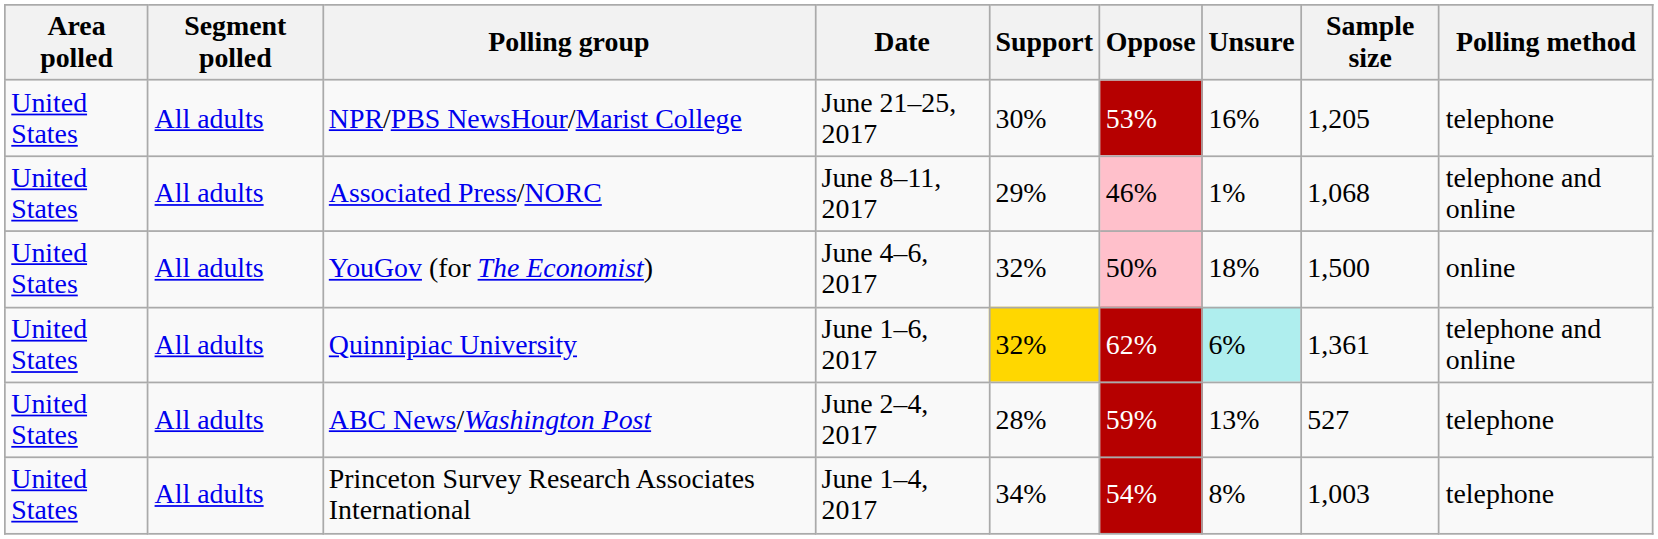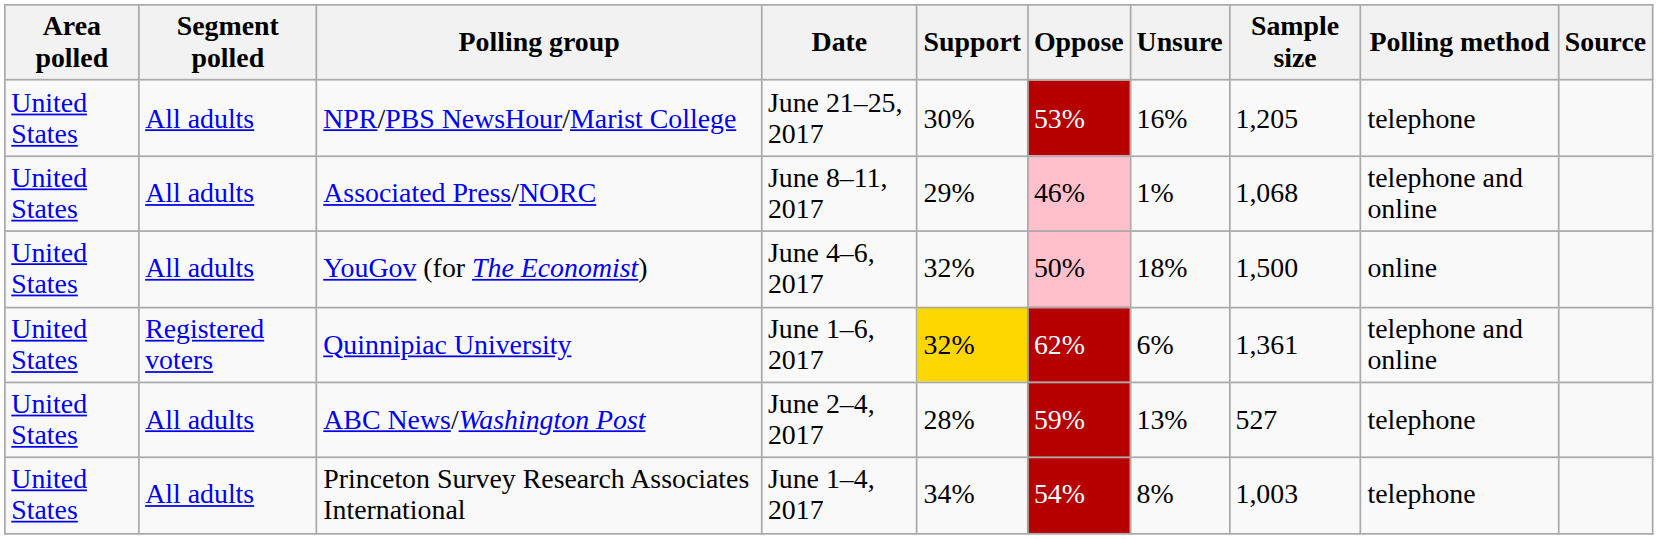 <table class="wikitable sortable" style="width: 75%;">
 <tr>
 <th>Area polled</th>
 <th>Segment polled</th>
 <th>Polling group</th>
 <th>Date</th>
 <th>Support</th>
 <th>Oppose</th>
 <th>Unsure</th>
 <th>Sample size</th>
 <th>Polling method</th>
+<th>Source</th>
 </tr>
 <tr>
 <td> <a href='#'>United States</a></td>
 <td><a href='#'>All adults</a></td>
 <td><a href='#'>NPR</a>/<a href='#'>PBS NewsHour</a>/<a href='#'>Marist College</a></td>
 <td>June 21–25, 2017</td>
 <td>30%</td>
 <td style="background:#B60000; color: white">53%</td>
 <td>16%</td>
 <td>1,205</td>
 <td>telephone</td>
+<td></td>
 </tr>
 <tr>
 <td> <a href='#'>United States</a></td>
 <td><a href='#'>All adults</a></td>
 <td><a href='#'>Associated Press</a>/<a href='#'>NORC</a></td>
 <td>June 8–11, 2017</td>
 <td>29%</td>
 <td style="background: pink; color: black">46%</td>
 <td>1%</td>
 <td>1,068</td>
 <td>telephone and online</td>
+<td></td>
 </tr>
 <tr>
 <td> <a href='#'>United States</a></td>
 <td><a href='#'>All adults</a></td>
 <td><a href='#'>YouGov</a> (for <em><a href='#'>The Economist</a></em>)</td>
 <td>June 4–6, 2017</td>
 <td>32%</td>
 <td style="background: pink; color: black">50%</td>
 <td>18%</td>
 <td>1,500</td>
 <td>online</td>
+<td></td>
 </tr>
 <tr>
 <td> <a href='#'>United States</a></td>
-<td><a href='#'>All adults</a></td>
+<td><a href='#'>Registered voters</a></td>
 <td><a href='#'>Quinnipiac University</a></td>
 <td>June 1–6, 2017</td>
 <td style="background: gold;">32%</td>
 <td style="background:#B60000; color: white">62%</td>
-<td style="background: paleturquoise;">6%</td>
+<td>6%</td>
 <td>1,361</td>
 <td>telephone and online</td>
+<td></td>
 </tr>
 <tr>
 <td> <a href='#'>United States</a></td>
 <td><a href='#'>All adults</a></td>
 <td><a href='#'>ABC News</a>/<em><a href='#'>Washington Post</a></em></td>
 <td>June 2–4, 2017</td>
 <td>28%</td>
 <td style="background:#B60000; color: white">59%</td>
 <td>13%</td>
 <td>527</td>
 <td>telephone</td>
+<td></td>
 </tr>
 <tr>
 <td> <a href='#'>United States</a></td>
 <td><a href='#'>All adults</a></td>
 <td>Princeton Survey Research Associates International</td>
 <td>June 1–4, 2017</td>
 <td>34%</td>
 <td style="background:#B60000; color: white">54%</td>
 <td>8%</td>
 <td>1,003</td>
 <td>telephone</td>
+<td></td>
 </tr>
 </table>
